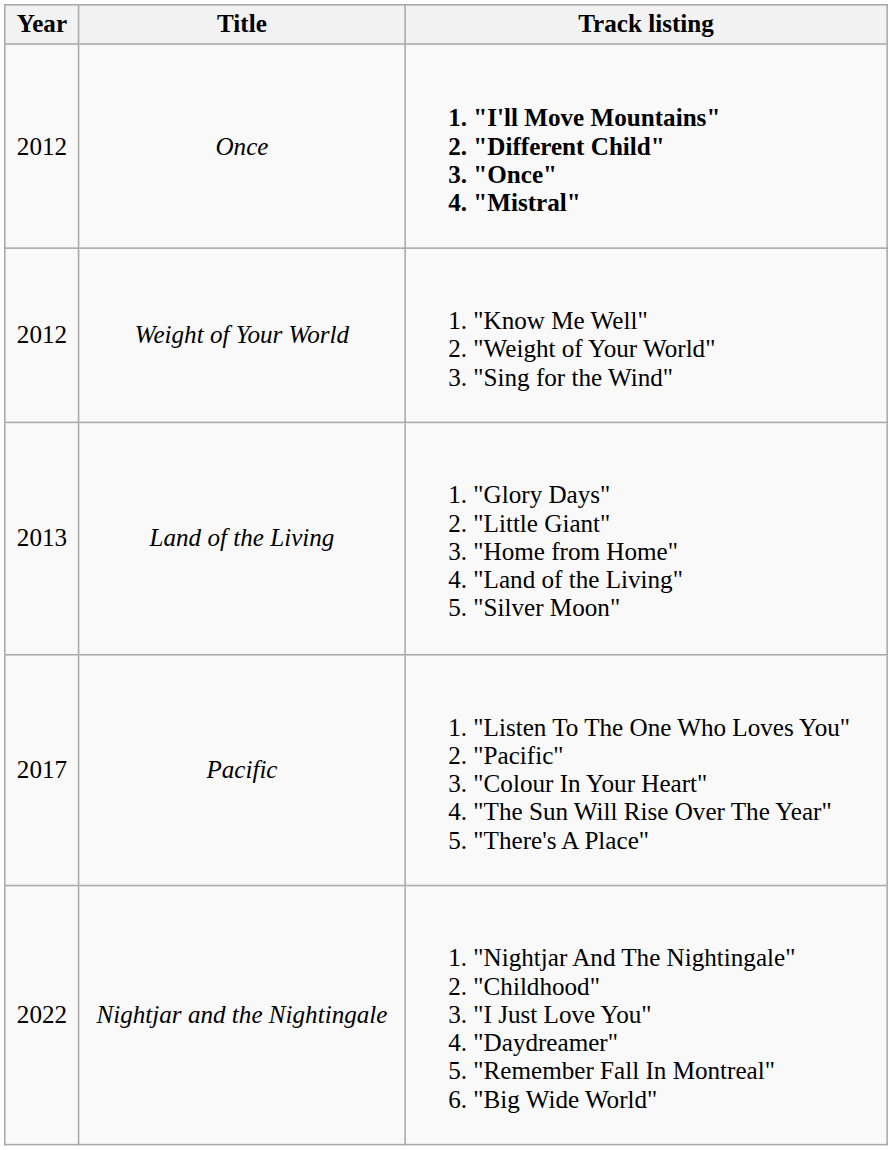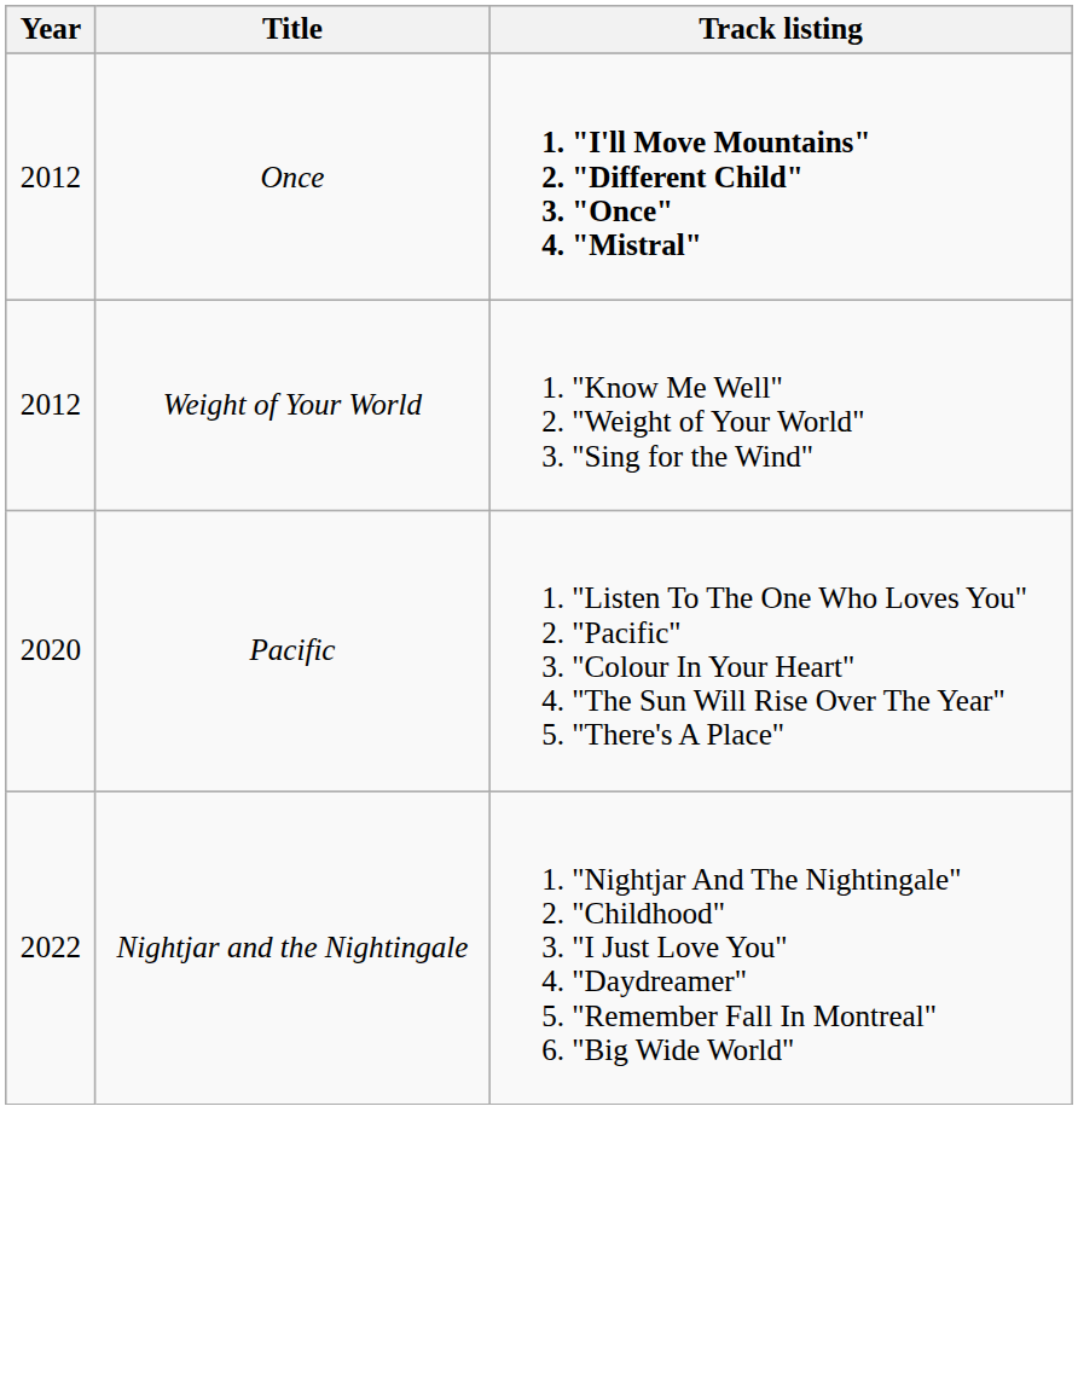 <table class="wikitable">
 <tr>
 <th width="40">Year</th>
 <th width="200">Title</th>
 <th width="300">Track listing</th>
 </tr>
 <tr>
 <td align="center">2012</td>
 <td align="center"><em>Once</em></td>
 <td><strong><br><ol><li>"I'll Move Mountains"</li><li>"Different Child"</li><li>"Once"</li><li>"Mistral"</li></ol></strong></td>
 </tr>
 <tr>
 <td align="center">2012</td>
 <td align="center"><em>Weight of Your World</em></td>
 <td><br><ol><li>"Know Me Well"</li><li>"Weight of Your World"</li><li>"Sing for the Wind"</li></ol></td>
 </tr>
 <tr>
-<td align="center">2013</td>
-<td align="center"><em>Land of the Living</em></td>
-<td><br><ol><li>"Glory Days"</li><li>"Little Giant"</li><li>"Home from Home"</li><li>"Land of the Living"</li><li>"Silver Moon"</li></ol></td>
-</tr>
-<tr>
-<td align="center">2017</td>
+<td align="center">2020</td>
 <td align="center"><em>Pacific</em></td>
 <td><br><ol><li>"Listen To The One Who Loves You"</li><li>"Pacific"</li><li>"Colour In Your Heart"</li><li>"The Sun Will Rise Over The Year"</li><li>"There's A Place"</li></ol></td>
 </tr>
 <tr>
 <td align="center">2022</td>
 <td align="center"><em>Nightjar and the Nightingale</em></td>
 <td><br><ol><li>"Nightjar And The Nightingale"</li><li>"Childhood"</li><li>"I Just Love You"</li><li>"Daydreamer"</li><li>"Remember Fall In Montreal"</li><li>"Big Wide World"</li></ol></td>
 </tr>
 </table>
